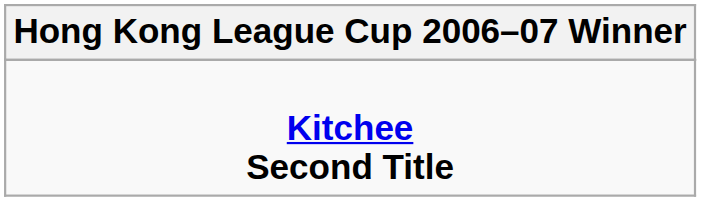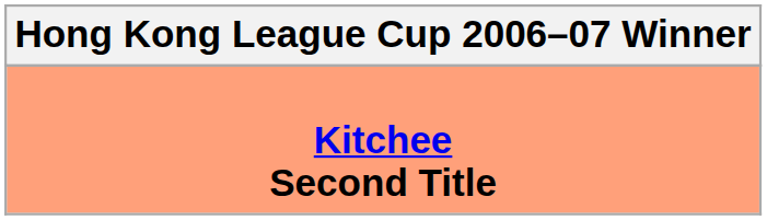 <table class="wikitable" style="text-align: center; margin: 0 auto;">
 <tr>
 <th>Hong Kong League Cup 2006–07 Winner</th>
 </tr>
 <tr>
 </tr>
 <tr>
-<td><br><strong><a href='#'>Kitchee</a></strong><br><strong>Second Title</strong></td>
+<td style="background: lightsalmon;"><br><strong><a href='#'>Kitchee</a></strong><br><strong>Second Title</strong></td>
 </tr>
 </table>
